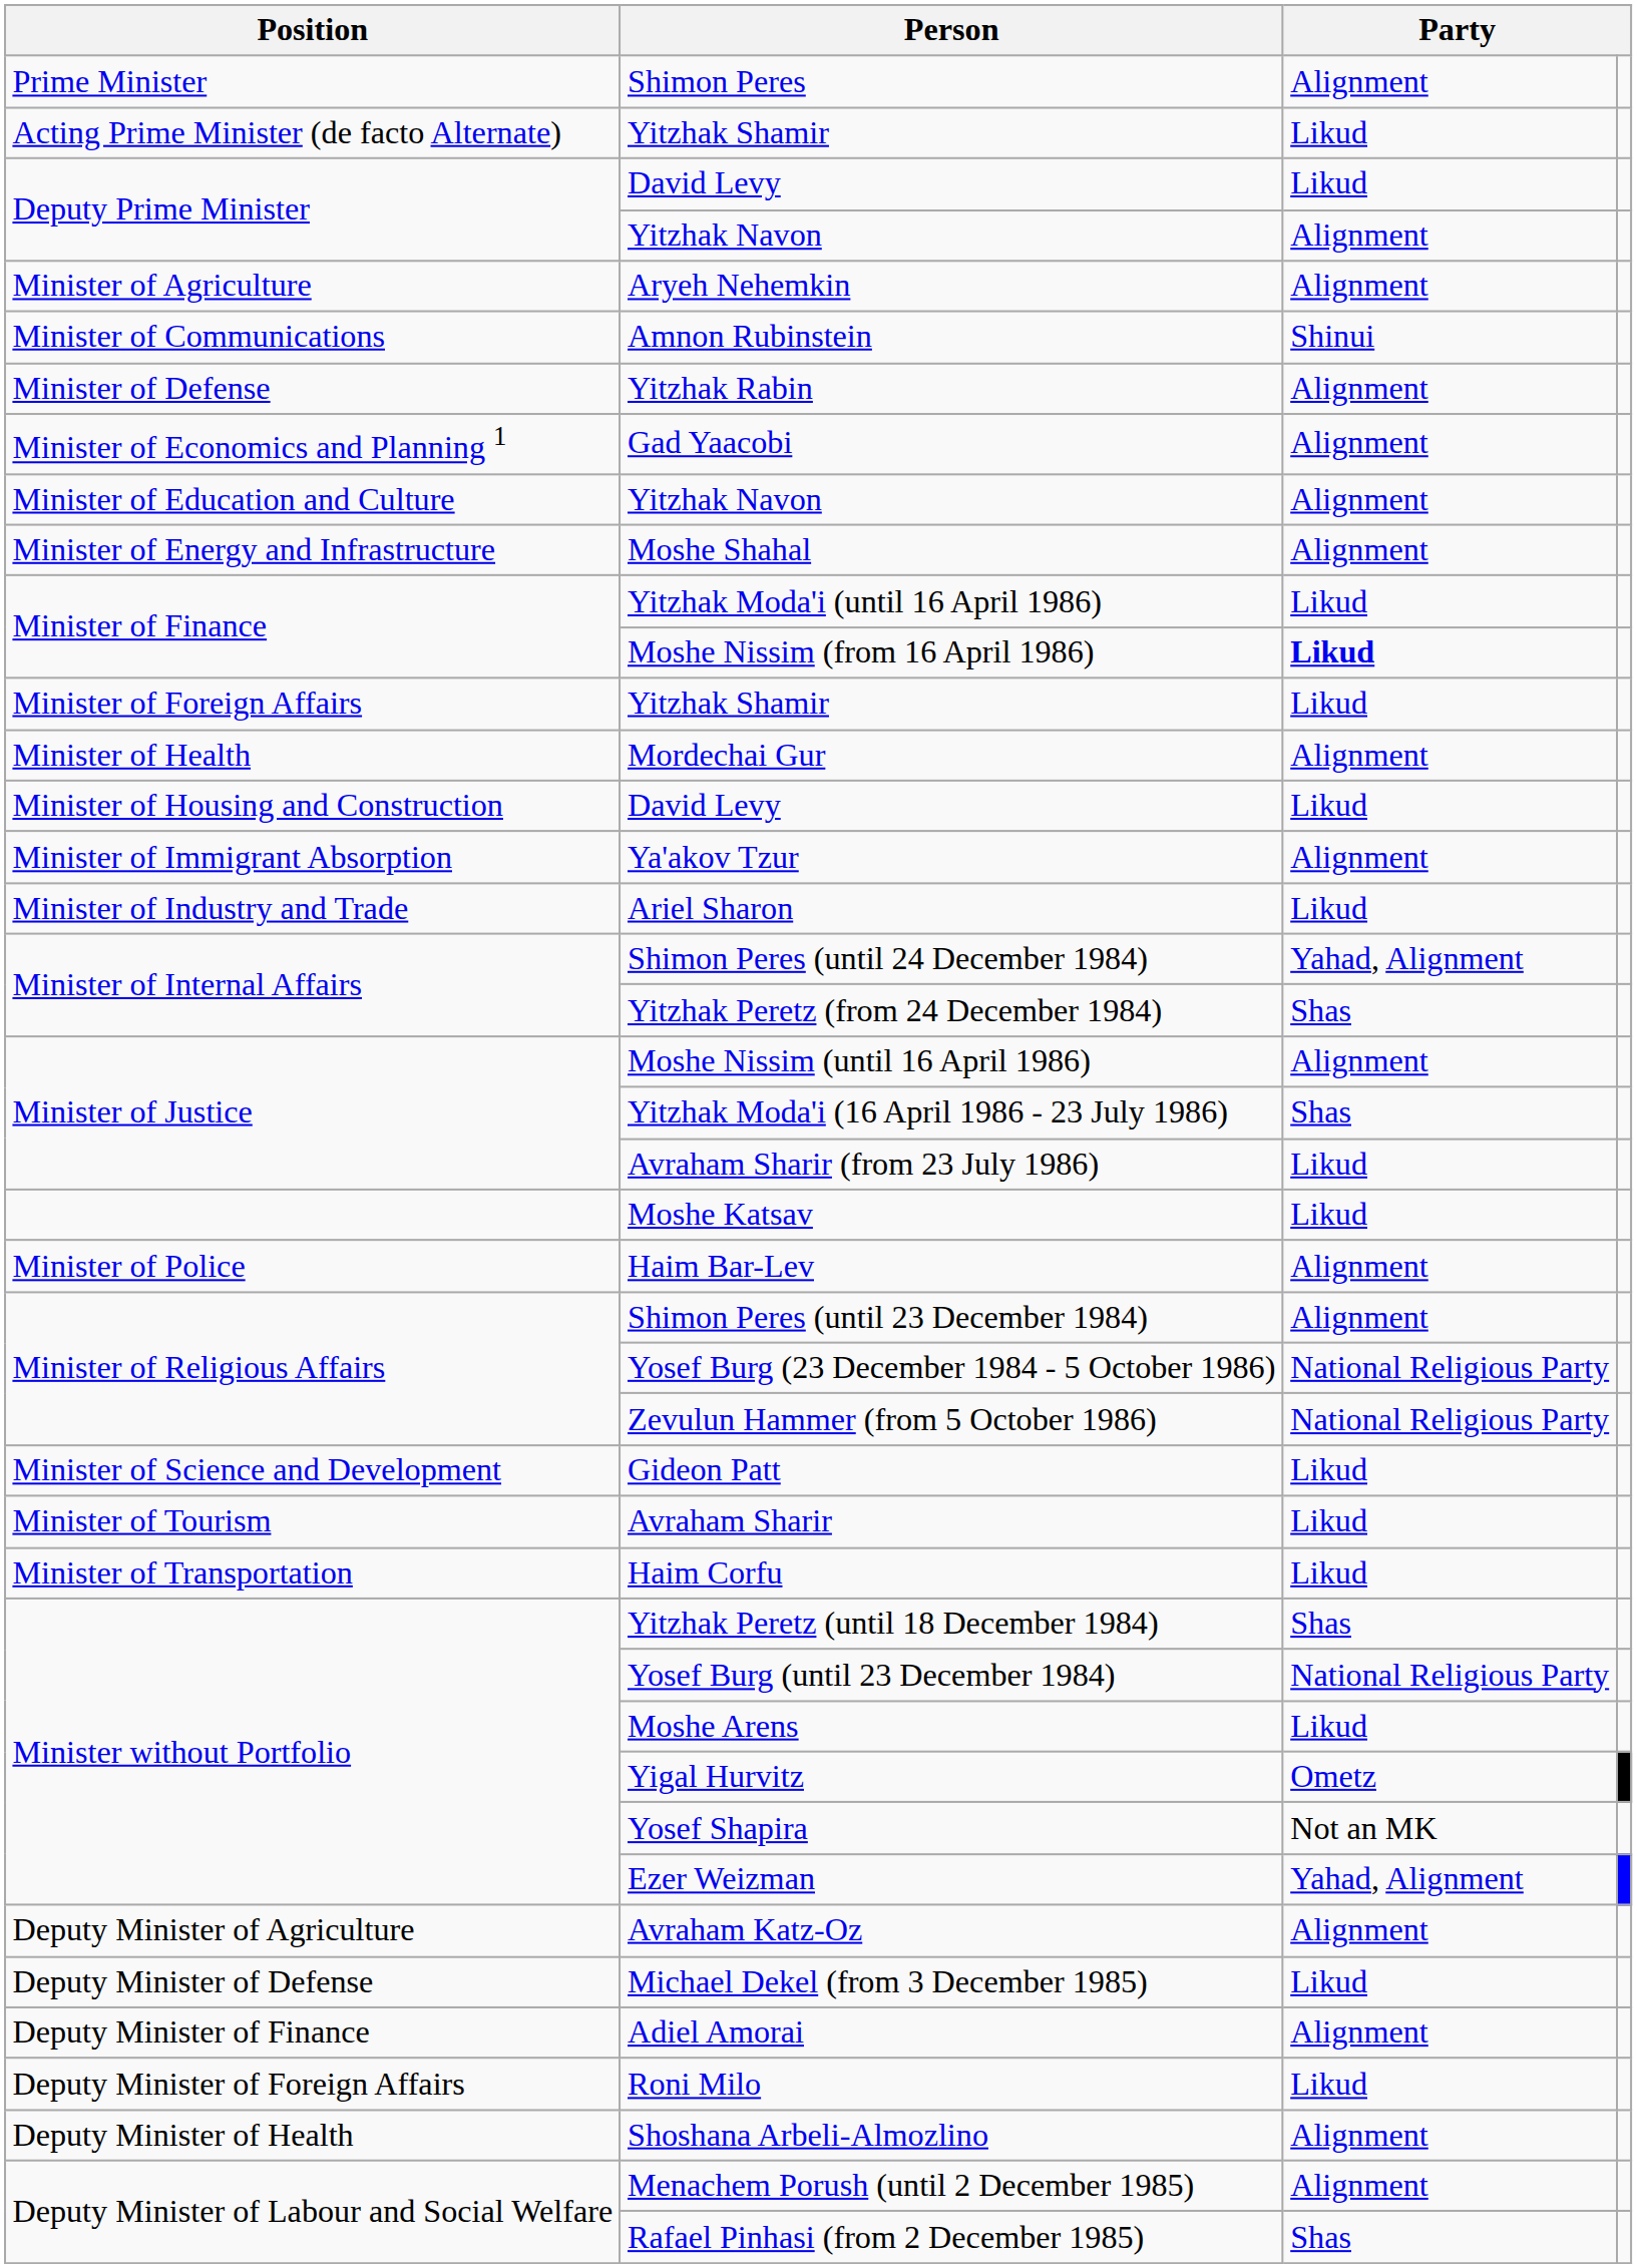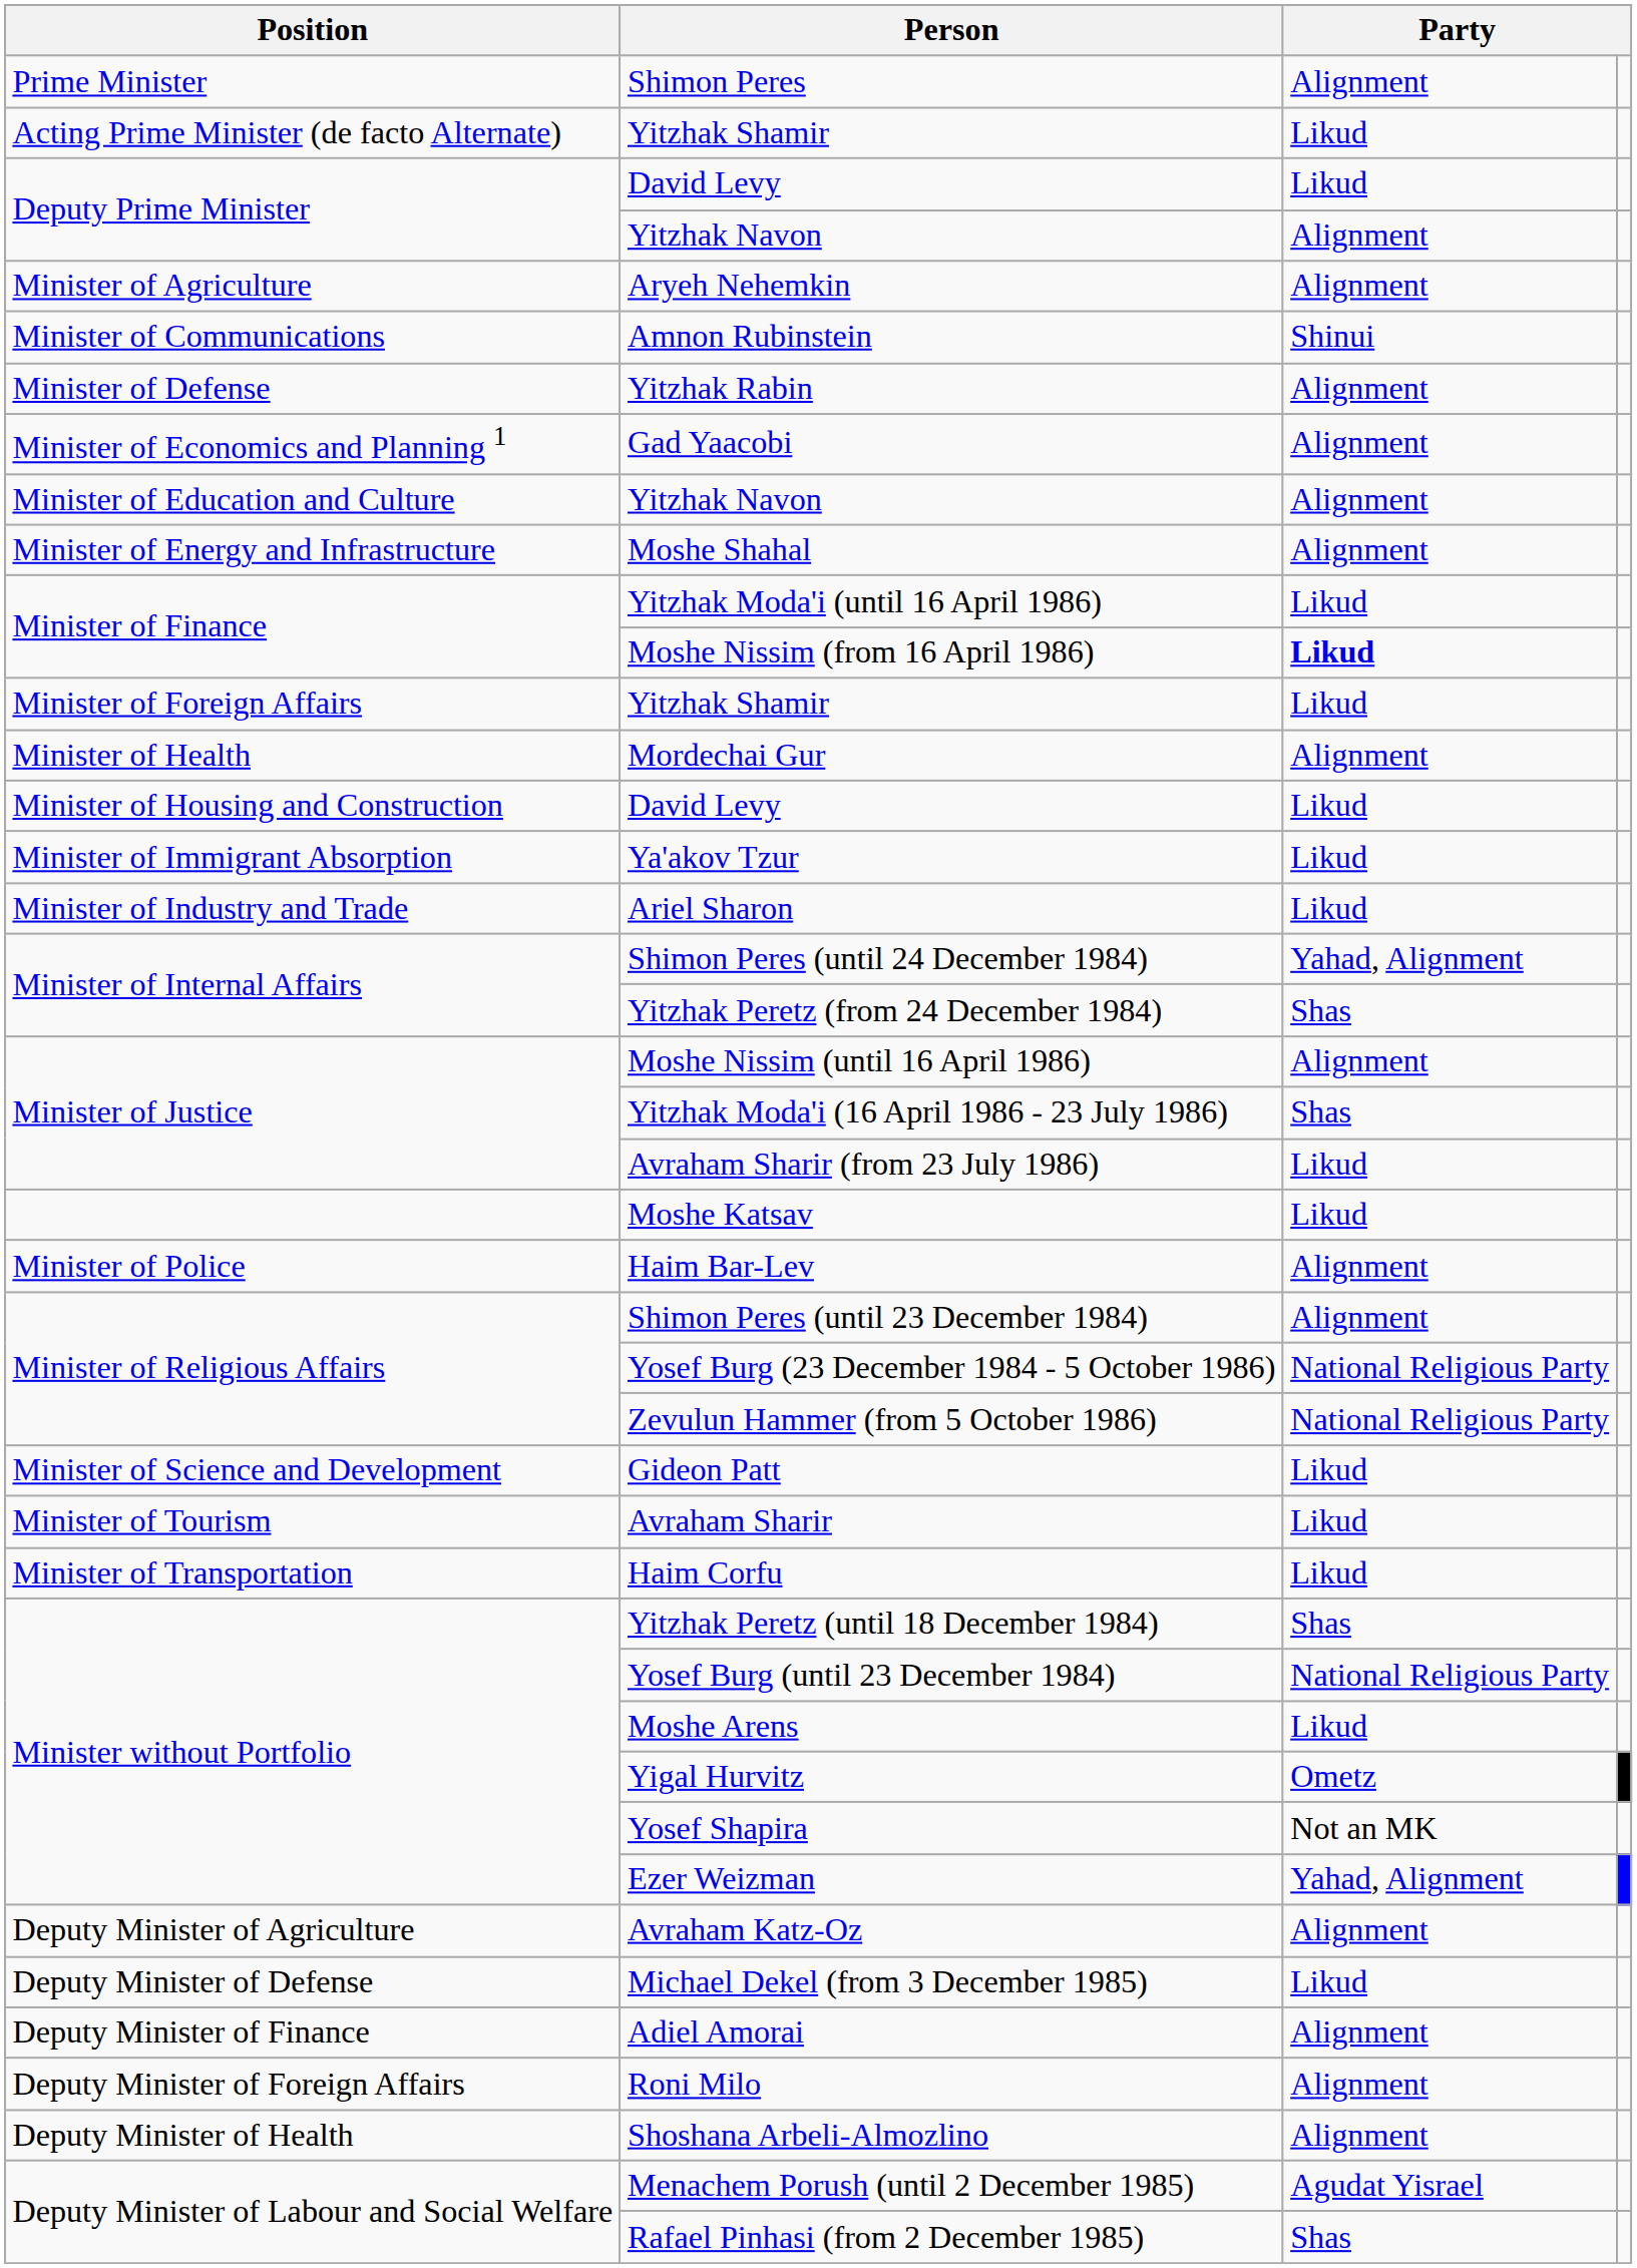 <table class=wikitable style="text-align:left">
 <tr>
 <th>Position</th>
 <th>Person</th>
 <th colspan=2>Party</th>
 </tr>
 <tr>
 <td><a href='#'>Prime Minister</a></td>
 <td><a href='#'>Shimon Peres</a></td>
 <td><a href='#'>Alignment</a></td>
 <td style="background:"></td>
 </tr>
 <tr>
 <td><a href='#'>Acting Prime Minister</a> (de facto <a href='#'>Alternate</a>)</td>
 <td><a href='#'>Yitzhak Shamir</a></td>
 <td><a href='#'>Likud</a></td>
 <td style="background:"></td>
 </tr>
 <tr>
 <td rowspan=2><a href='#'>Deputy Prime Minister</a></td>
 <td><a href='#'>David Levy</a></td>
 <td><a href='#'>Likud</a></td>
 <td style="background:"></td>
 </tr>
 <tr>
 <td><a href='#'>Yitzhak Navon</a></td>
 <td><a href='#'>Alignment</a></td>
 <td style="background:"></td>
 </tr>
 <tr>
 <td><a href='#'>Minister of Agriculture</a></td>
 <td><a href='#'>Aryeh Nehemkin</a></td>
 <td><a href='#'>Alignment</a></td>
 <td style="background:"></td>
 </tr>
 <tr>
 <td><a href='#'>Minister of Communications</a></td>
 <td><a href='#'>Amnon Rubinstein</a></td>
 <td><a href='#'>Shinui</a></td>
 <td style="background:"></td>
 </tr>
 <tr>
 <td><a href='#'>Minister of Defense</a></td>
 <td><a href='#'>Yitzhak Rabin</a></td>
 <td><a href='#'>Alignment</a></td>
 <td style="background:"></td>
 </tr>
 <tr>
 <td><a href='#'>Minister of Economics and Planning</a> <sup>1</sup></td>
 <td><a href='#'>Gad Yaacobi</a></td>
 <td><a href='#'>Alignment</a></td>
 <td style="background:"></td>
 </tr>
 <tr>
 <td><a href='#'>Minister of Education and Culture</a></td>
 <td><a href='#'>Yitzhak Navon</a></td>
 <td><a href='#'>Alignment</a></td>
 <td style="background:"></td>
 </tr>
 <tr>
 <td><a href='#'>Minister of Energy and Infrastructure</a></td>
 <td><a href='#'>Moshe Shahal</a></td>
 <td><a href='#'>Alignment</a></td>
 <td style="background:"></td>
 </tr>
 <tr>
 <td rowspan=2><a href='#'>Minister of Finance</a></td>
 <td><a href='#'>Yitzhak Moda'i</a> (until 16 April 1986)</td>
 <td><a href='#'>Likud</a></td>
 <td style="background:"></td>
 </tr>
 <tr>
 <td><a href='#'>Moshe Nissim</a> (from 16 April 1986)</td>
 <td><strong><a href='#'>Likud</a></strong></td>
 <td style="background:"></td>
 </tr>
 <tr>
 <td><a href='#'>Minister of Foreign Affairs</a></td>
 <td><a href='#'>Yitzhak Shamir</a></td>
 <td><a href='#'>Likud</a></td>
 <td style="background:"></td>
 </tr>
 <tr>
 <td><a href='#'>Minister of Health</a></td>
 <td><a href='#'>Mordechai Gur</a></td>
 <td><a href='#'>Alignment</a></td>
 <td style="background:"></td>
 </tr>
 <tr>
 <td><a href='#'>Minister of Housing and Construction</a></td>
 <td><a href='#'>David Levy</a></td>
 <td><a href='#'>Likud</a></td>
 <td style="background:"></td>
 </tr>
 <tr>
 <td><a href='#'>Minister of Immigrant Absorption</a></td>
 <td><a href='#'>Ya'akov Tzur</a></td>
-<td><a href='#'>Alignment</a></td>
+<td><a href='#'>Likud</a></td>
 <td style="background:"></td>
 </tr>
 <tr>
 <td><a href='#'>Minister of Industry and Trade</a></td>
 <td><a href='#'>Ariel Sharon</a></td>
 <td><a href='#'>Likud</a></td>
 <td style="background:"></td>
 </tr>
 <tr>
 <td rowspan=2><a href='#'>Minister of Internal Affairs</a></td>
 <td><a href='#'>Shimon Peres</a> (until 24 December 1984)</td>
 <td><a href='#'>Yahad</a>, <a href='#'>Alignment</a></td>
 <td style="background:"></td>
 </tr>
 <tr>
 <td><a href='#'>Yitzhak Peretz</a> (from 24 December 1984)</td>
 <td><a href='#'>Shas</a></td>
 <td style="background:"></td>
 </tr>
 <tr>
 <td rowspan=3><a href='#'>Minister of Justice</a></td>
 <td><a href='#'>Moshe Nissim</a> (until 16 April 1986)</td>
 <td><a href='#'>Alignment</a></td>
 <td style="background:"></td>
 </tr>
 <tr>
 <td><a href='#'>Yitzhak Moda'i</a> (16 April 1986 - 23 July 1986)</td>
 <td><a href='#'>Shas</a></td>
 <td style="background:"></td>
 </tr>
 <tr>
 <td><a href='#'>Avraham Sharir</a> (from 23 July 1986)</td>
 <td><a href='#'>Likud</a></td>
 <td style="background:"></td>
 </tr>
 <tr>
 <td></td>
 <td><a href='#'>Moshe Katsav</a></td>
 <td><a href='#'>Likud</a></td>
 <td style="background:"></td>
 </tr>
 <tr>
 <td><a href='#'>Minister of Police</a></td>
 <td><a href='#'>Haim Bar-Lev</a></td>
 <td><a href='#'>Alignment</a></td>
 <td style="background:"></td>
 </tr>
 <tr>
 <td rowspan=3><a href='#'>Minister of Religious Affairs</a></td>
 <td><a href='#'>Shimon Peres</a> (until 23 December 1984)</td>
 <td><a href='#'>Alignment</a></td>
 <td style="background:"></td>
 </tr>
 <tr>
 <td><a href='#'>Yosef Burg</a> (23 December 1984 - 5 October 1986)</td>
 <td><a href='#'>National Religious Party</a></td>
 <td style="background:"></td>
 </tr>
 <tr>
 <td><a href='#'>Zevulun Hammer</a> (from 5 October 1986)</td>
 <td><a href='#'>National Religious Party</a></td>
 <td style="background:"></td>
 </tr>
 <tr>
 <td><a href='#'>Minister of Science and Development</a></td>
 <td><a href='#'>Gideon Patt</a></td>
 <td><a href='#'>Likud</a></td>
 <td style="background:"></td>
 </tr>
 <tr>
 <td><a href='#'>Minister of Tourism</a></td>
 <td><a href='#'>Avraham Sharir</a></td>
 <td><a href='#'>Likud</a></td>
 <td style="background:"></td>
 </tr>
 <tr>
 <td><a href='#'>Minister of Transportation</a></td>
 <td><a href='#'>Haim Corfu</a></td>
 <td><a href='#'>Likud</a></td>
 <td style="background:"></td>
 </tr>
 <tr>
 <td rowspan=6><a href='#'>Minister without Portfolio</a></td>
 <td><a href='#'>Yitzhak Peretz</a> (until 18 December 1984)</td>
 <td><a href='#'>Shas</a></td>
 <td style="background:"></td>
 </tr>
 <tr>
 <td><a href='#'>Yosef Burg</a> (until 23 December 1984)</td>
 <td><a href='#'>National Religious Party</a></td>
 <td style="background:"></td>
 </tr>
 <tr>
 <td><a href='#'>Moshe Arens</a></td>
 <td><a href='#'>Likud</a></td>
 <td style="background:"></td>
 </tr>
 <tr>
 <td><a href='#'>Yigal Hurvitz</a></td>
 <td><a href='#'>Ometz</a></td>
 <td style="background:#000000"></td>
 </tr>
 <tr>
 <td><a href='#'>Yosef Shapira</a></td>
 <td>Not an MK</td>
 <td style="background:"></td>
 </tr>
 <tr>
 <td><a href='#'>Ezer Weizman</a></td>
 <td><a href='#'>Yahad</a>, <a href='#'>Alignment</a></td>
 <td style="background:#0000FE"></td>
 </tr>
 <tr>
 <td>Deputy Minister of Agriculture</td>
 <td><a href='#'>Avraham Katz-Oz</a></td>
 <td><a href='#'>Alignment</a></td>
 <td style="background:"></td>
 </tr>
 <tr>
 <td>Deputy Minister of Defense</td>
 <td><a href='#'>Michael Dekel</a> (from 3 December 1985)</td>
 <td><a href='#'>Likud</a></td>
 <td style="background:"></td>
 </tr>
 <tr>
 <td>Deputy Minister of Finance</td>
 <td><a href='#'>Adiel Amorai</a></td>
 <td><a href='#'>Alignment</a></td>
 <td style="background:"></td>
 </tr>
 <tr>
 <td>Deputy Minister of Foreign Affairs</td>
 <td><a href='#'>Roni Milo</a></td>
-<td><a href='#'>Likud</a></td>
+<td><a href='#'>Alignment</a></td>
 <td style="background:"></td>
 </tr>
 <tr>
 <td>Deputy Minister of Health</td>
 <td><a href='#'>Shoshana Arbeli-Almozlino</a></td>
 <td><a href='#'>Alignment</a></td>
 <td style="background:"></td>
 </tr>
 <tr>
 <td rowspan=2>Deputy Minister of Labour and Social Welfare</td>
 <td><a href='#'>Menachem Porush</a> (until 2 December 1985)</td>
-<td><a href='#'>Alignment</a></td>
+<td><a href='#'>Agudat Yisrael</a></td>
 <td style="background:"></td>
 </tr>
 <tr>
 <td><a href='#'>Rafael Pinhasi</a> (from 2 December 1985)</td>
 <td><a href='#'>Shas</a></td>
 <td style="background:"></td>
 </tr>
 </table>
